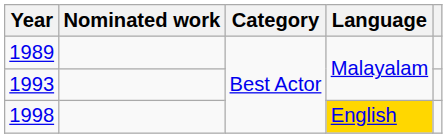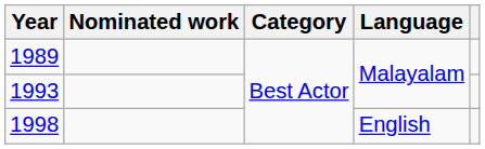 <table class="wikitable">
 <tr>
 <th>Year</th>
 <th>Nominated work</th>
 <th>Category</th>
 <th>Language</th>
 <th></th>
 </tr>
 <tr>
 <td><a href='#'>1989</a></td>
 <td></td>
 <td rowspan="3"><a href='#'>Best Actor</a></td>
 <td rowspan=2><a href='#'>Malayalam</a></td>
 <td></td>
 </tr>
 <tr>
 <td><a href='#'>1993</a></td>
 <td></td>
 <td></td>
 </tr>
 <tr>
 <td><a href='#'>1998</a></td>
 <td></td>
-<td style="background: gold;"><a href='#'>English</a></td>
+<td><a href='#'>English</a></td>
 <td></td>
 </tr>
 </table>
